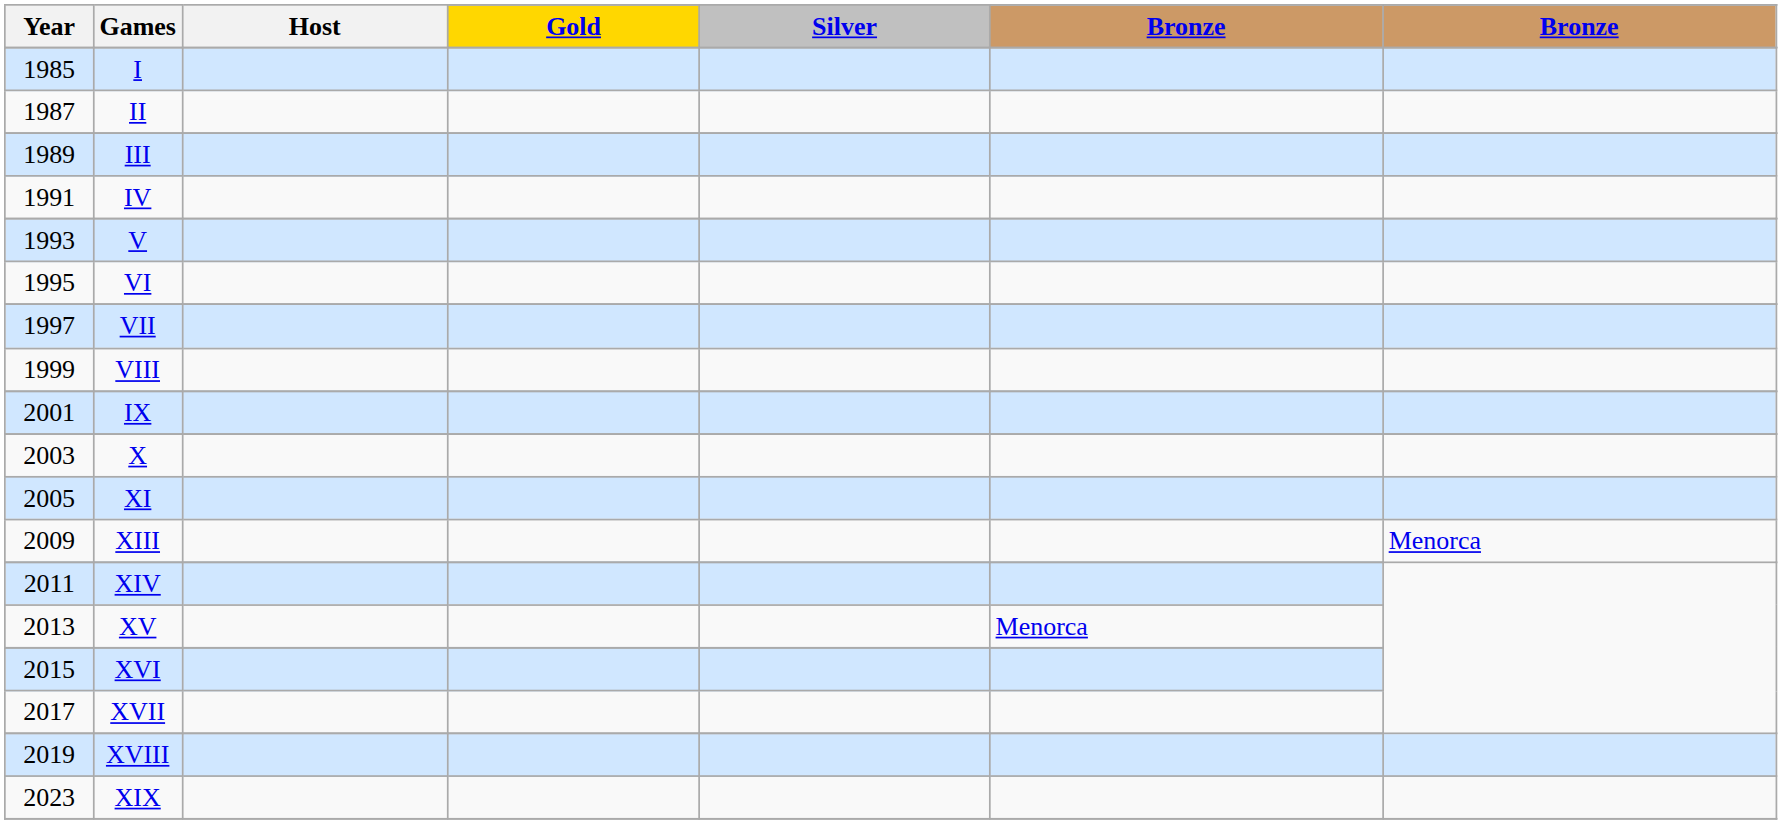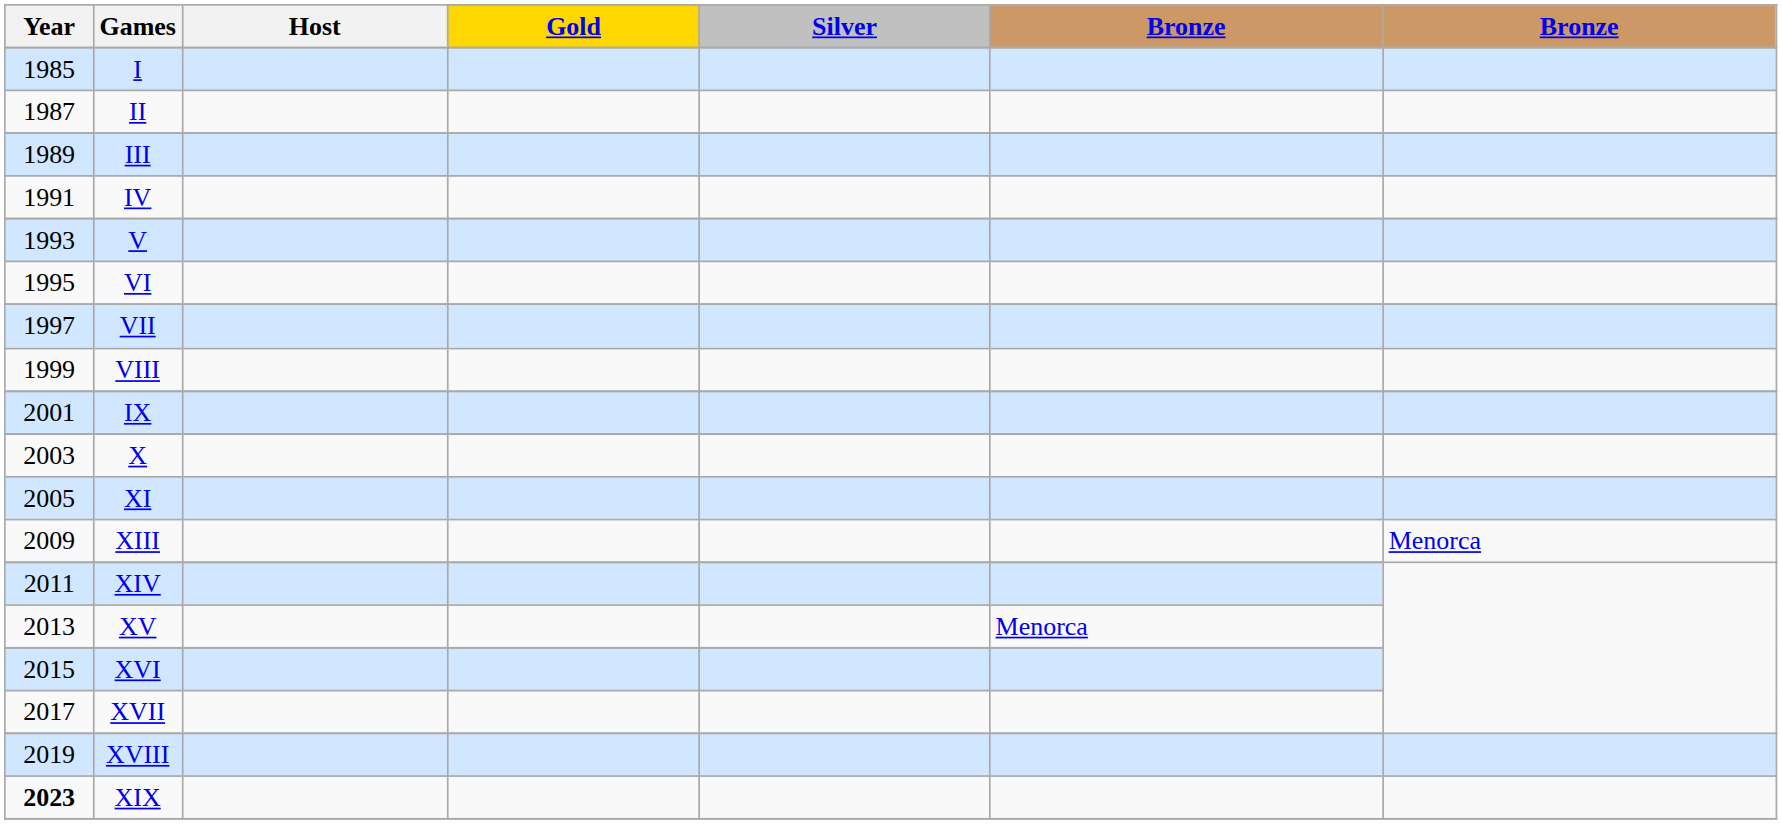 <table class="wikitable" style="text-align: center; font-size:95%;">
 <tr>
 <th rowspan="2" style="width:5%;">Year</th>
 <th rowspan="2" style="width:5%;">Games</th>
 <th rowspan="2" style="width:15%;">Host</th>
 </tr>
 <tr>
 <th style="background-color: gold"><a href='#'>Gold</a></th>
 <th style="background-color: silver"><a href='#'>Silver</a></th>
 <th style="background-color: #CC9966"><a href='#'>Bronze</a></th>
 <th style="background-color: #CC9966"><a href='#'>Bronze</a></th>
 </tr>
 <tr>
 </tr>
 <tr style="text-align:center; background:#d0e7ff;">
 <td>1985</td>
 <td align=center><a href='#'>I</a></td>
 <td align="left"></td>
 <td align="left"></td>
 <td align="left"></td>
 <td align="left"></td>
 <td align="left"></td>
 </tr>
 <tr>
 <td>1987</td>
 <td align=center><a href='#'>II</a></td>
 <td align="left"></td>
 <td align="left"></td>
 <td align="left"></td>
 <td align="left"></td>
 <td align="left"></td>
 </tr>
 <tr>
 </tr>
 <tr style="text-align:center; background:#d0e7ff;">
 <td>1989</td>
 <td align=center><a href='#'>III</a></td>
 <td align="left"></td>
 <td align="left"></td>
 <td align="left"></td>
 <td align="left"></td>
 <td align="left"></td>
 </tr>
 <tr>
 <td>1991</td>
 <td align=center><a href='#'>IV</a></td>
 <td align="left"></td>
 <td align="left"></td>
 <td align="left"></td>
 <td align="left"></td>
 <td align="left"></td>
 </tr>
 <tr>
 </tr>
 <tr style="text-align:center; background:#d0e7ff;">
 <td>1993</td>
 <td align=center><a href='#'>V</a></td>
 <td align="left"></td>
 <td align="left"></td>
 <td align="left"></td>
 <td align="left"></td>
 <td align="left"></td>
 </tr>
 <tr>
 <td>1995</td>
 <td align=center><a href='#'>VI</a></td>
 <td align="left"></td>
 <td align="left"></td>
 <td align="left"></td>
 <td align="left"></td>
 <td align="left"></td>
 </tr>
 <tr>
 </tr>
 <tr style="text-align:center; background:#d0e7ff;">
 <td>1997</td>
 <td align=center><a href='#'>VII</a></td>
 <td align="left"></td>
 <td align="left"></td>
 <td align="left"></td>
 <td align="left"></td>
 <td align="left"></td>
 </tr>
 <tr>
 <td>1999</td>
 <td align=center><a href='#'>VIII</a></td>
 <td align="left"></td>
 <td align="left"></td>
 <td align="left"></td>
 <td align="left"></td>
 <td align="left"></td>
 </tr>
 <tr>
 </tr>
 <tr style="text-align:center; background:#d0e7ff;">
 <td>2001</td>
 <td align=center><a href='#'>IX</a></td>
 <td align="left"></td>
 <td align="left"></td>
 <td align="left"></td>
 <td align="left"></td>
 <td align="left"></td>
 </tr>
 <tr>
 </tr>
 <tr>
 <td>2003</td>
 <td align=center><a href='#'>X</a></td>
 <td align="left"></td>
 <td align="left"></td>
 <td align="left"></td>
 <td align="left"></td>
 <td align="left"></td>
 </tr>
 <tr style="text-align:center; background:#d0e7ff;">
 <td>2005</td>
 <td align=center><a href='#'>XI</a></td>
 <td align="left"></td>
 <td align="left"></td>
 <td align="left"></td>
 <td align="left"></td>
 <td align="left"></td>
 </tr>
 <tr>
 <td>2009</td>
 <td align=center><a href='#'>XIII</a></td>
 <td align="left"></td>
 <td align="left"></td>
 <td align="left"></td>
 <td align="left"></td>
 <td align="left"> <a href='#'>Menorca</a></td>
 </tr>
 <tr>
 </tr>
 <tr style="text-align:center; background:#d0e7ff;">
 <td>2011</td>
 <td align=center><a href='#'>XIV</a></td>
 <td align="left"></td>
 <td align="left"></td>
 <td align="left"></td>
 <td align="left"></td>
 </tr>
 <tr>
 <td>2013</td>
 <td align=center><a href='#'>XV</a></td>
 <td align="left"></td>
 <td align="left"></td>
 <td align="left"></td>
 <td align="left"> <a href='#'>Menorca</a></td>
 </tr>
 <tr>
 </tr>
 <tr style="text-align:center; background:#d0e7ff;">
 <td>2015</td>
 <td align=center><a href='#'>XVI</a></td>
 <td align="left"></td>
 <td align="left"></td>
 <td align="left"></td>
 <td align="left"></td>
 </tr>
 <tr>
 <td>2017</td>
 <td align=center><a href='#'>XVII</a></td>
 <td align="left"></td>
 <td align="left"></td>
 <td align="left"></td>
 <td align="left"></td>
 </tr>
 <tr>
 </tr>
 <tr style="text-align:center; background:#d0e7ff;">
 <td>2019</td>
 <td align=center><a href='#'>XVIII</a></td>
 <td align="left"></td>
 <td align="left"></td>
 <td align="left"></td>
 <td align="left"></td>
 <td align="left"></td>
 </tr>
 <tr>
-<td>2023</td>
+<td><strong>2023</strong></td>
 <td align=center><a href='#'>XIX</a></td>
 <td align="left"></td>
 <td align="left"></td>
 <td align="left"></td>
 <td align="left"></td>
 <td align="left"></td>
 </tr>
 <tr>
 </tr>
 </table>
